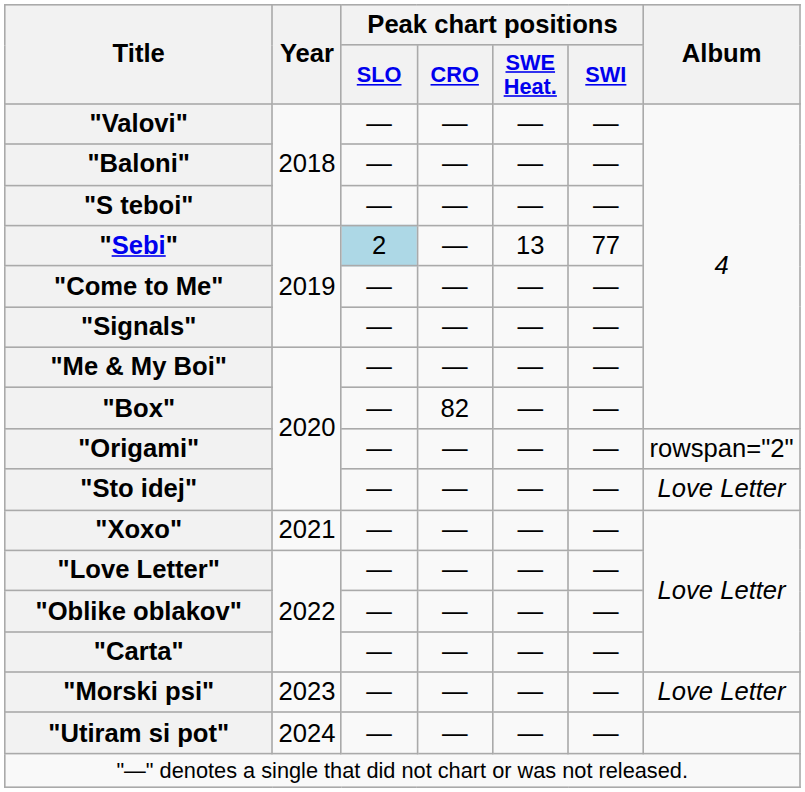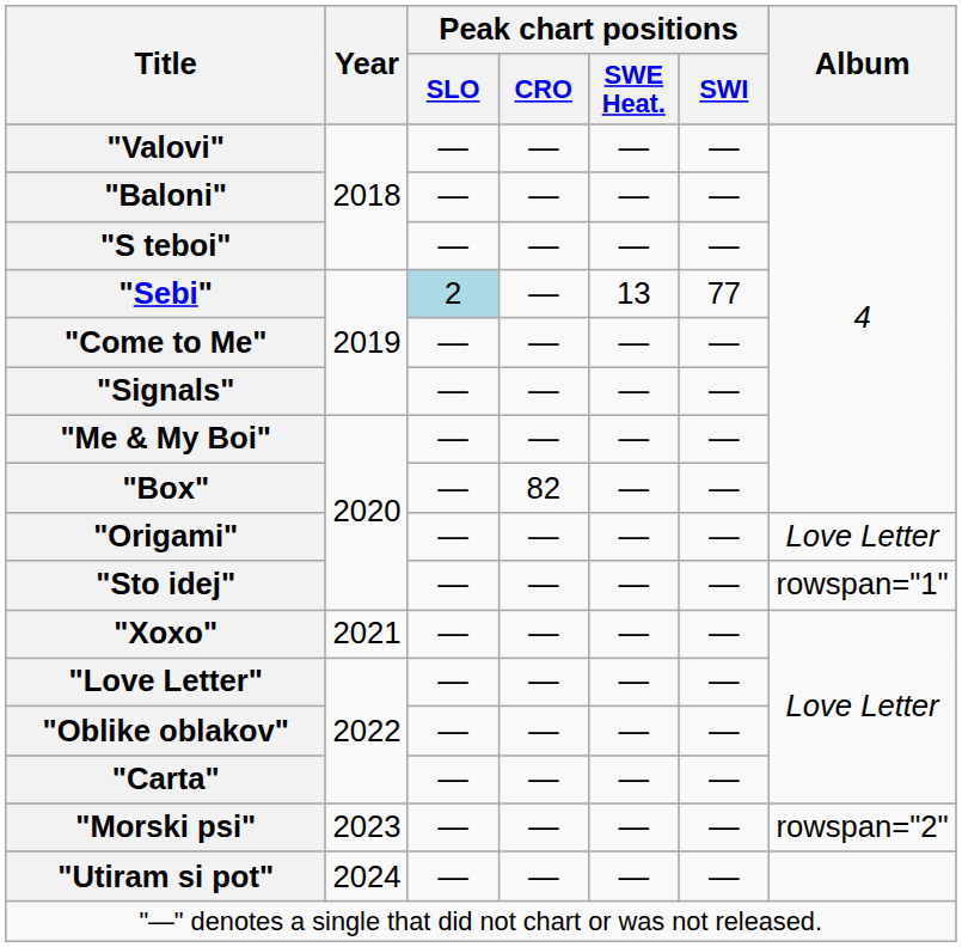 <table class="wikitable plainrowheaders" style="text-align:center;">
 <tr>
 <th scope="col" rowspan="2" style="width:10em;">Title</th>
 <th scope="col" rowspan="2" style="width:1em;">Year</th>
 <th scope="col" colspan="4">Peak chart positions</th>
 <th scope="col" rowspan="2">Album</th>
 </tr>
 <tr>
 <th scope="col" style="width:3em;font-size:85%;"><a href='#'>SLO</a><br></th>
 <th scope="col" style="width:3em;font-size:85%;"><a href='#'>CRO</a><br></th>
 <th scope="col" style="width:3em;font-size:85%;"><a href='#'>SWE<br>Heat.</a><br></th>
 <th scope="col" style="width:3em;font-size:85%;"><a href='#'>SWI</a><br></th>
 </tr>
 <tr>
 <th scope="row">"Valovi"</th>
 <td rowspan="3">2018</td>
 <td>—</td>
 <td>—</td>
 <td>—</td>
 <td>—</td>
 <td rowspan="8"><em>4</em></td>
 </tr>
 <tr>
 <th scope="row">"Baloni"</th>
 <td>—</td>
 <td>—</td>
 <td>—</td>
 <td>—</td>
 </tr>
 <tr>
 <th scope="row">"S teboi"</th>
 <td>—</td>
 <td>—</td>
 <td>—</td>
 <td>—</td>
 </tr>
 <tr>
 <th scope="row">"<a href='#'>Sebi</a>"</th>
 <td rowspan="3">2019</td>
 <td style="background: lightblue;">2</td>
 <td>—</td>
 <td>13</td>
 <td>77</td>
 </tr>
 <tr>
 <th scope="row">"Come to Me"</th>
 <td>—</td>
 <td>—</td>
 <td>—</td>
 <td>—</td>
 </tr>
 <tr>
 <th scope="row">"Signals"</th>
 <td>—</td>
 <td>—</td>
 <td>—</td>
 <td>—</td>
 </tr>
 <tr>
 <th scope="row">"Me & My Boi"</th>
 <td rowspan="4">2020</td>
 <td>—</td>
 <td>—</td>
 <td>—</td>
 <td>—</td>
 </tr>
 <tr>
 <th scope="row">"Box"</th>
 <td>—</td>
 <td>82</td>
 <td>—</td>
 <td>—</td>
 </tr>
 <tr>
 <th scope="row">"Origami"</th>
 <td>—</td>
 <td>—</td>
 <td>—</td>
 <td>—</td>
-<td>rowspan="2" </td>
+<td rowspan="1"><em>Love Letter</em></td>
 </tr>
 <tr>
 <th scope="row">"Sto idej"</th>
 <td>—</td>
 <td>—</td>
 <td>—</td>
 <td>—</td>
-<td rowspan="1"><em>Love Letter</em></td>
+<td>rowspan="1" </td>
 </tr>
 <tr>
 <th scope="row">"Xoxo"</th>
 <td rowspan="1">2021</td>
 <td>—</td>
 <td>—</td>
 <td>—</td>
 <td>—</td>
 <td rowspan="4"><em>Love Letter</em></td>
 </tr>
 <tr>
 <th scope="row">"Love Letter"</th>
 <td rowspan="3">2022</td>
 <td>—</td>
 <td>—</td>
 <td>—</td>
 <td>—</td>
 </tr>
 <tr>
 <th scope="row">"Oblike oblakov"</th>
 <td>—</td>
 <td>—</td>
 <td>—</td>
 <td>—</td>
 </tr>
 <tr>
 <th scope="row">"Carta" </th>
 <td>—</td>
 <td>—</td>
 <td>—</td>
 <td>—</td>
 </tr>
 <tr>
 <th scope="row">"Morski psi"</th>
 <td rowspan="1">2023</td>
 <td>—</td>
 <td>—</td>
 <td>—</td>
 <td>—</td>
-<td rowspan="1"><em>Love Letter</em></td>
+<td>rowspan="2" </td>
 </tr>
 <tr>
 <th scope="row">"Utiram si pot"</th>
 <td rowspan="1">2024</td>
 <td>—</td>
 <td>—</td>
 <td>—</td>
 <td>—</td>
 </tr>
 <tr>
 <td colspan="7" style="font-size:85%;">"—" denotes a single that did not chart or was not released.</td>
 </tr>
 </table>
